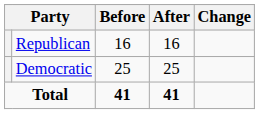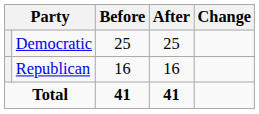 <table class="wikitable" style="text-align:center;">
 <tr>
 </tr>
 <tr>
 <th colspan=2>Party</th>
 <th>Before</th>
 <th>After</th>
 <th>Change</th>
 </tr>
 <tr>
 <th style="background-color:"></th>
-<td style="text-align:left;"><a href='#'>Republican</a></td>
-<td>16</td>
-<td>16</td>
+<td style="text-align:left;"><a href='#'>Democratic</a></td>
+<td>25</td>
+<td>25</td>
 <td></td>
 </tr>
 <tr>
 <th style="background-color:"></th>
-<td style="text-align:left;"><a href='#'>Democratic</a></td>
-<td>25</td>
-<td>25</td>
+<td style="text-align:left;"><a href='#'>Republican</a></td>
+<td>16</td>
+<td>16</td>
 <td></td>
 </tr>
 <tr>
 <td colspan=2><strong>Total</strong></td>
 <td><strong>41</strong></td>
 <td><strong>41</strong></td>
 <td></td>
 </tr>
 </table>
